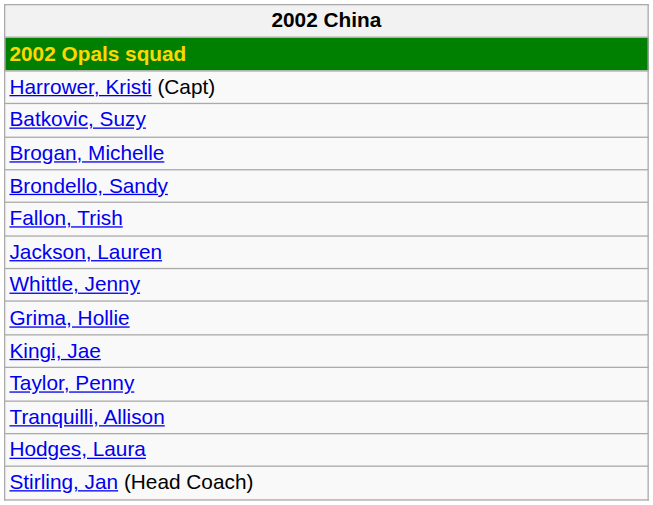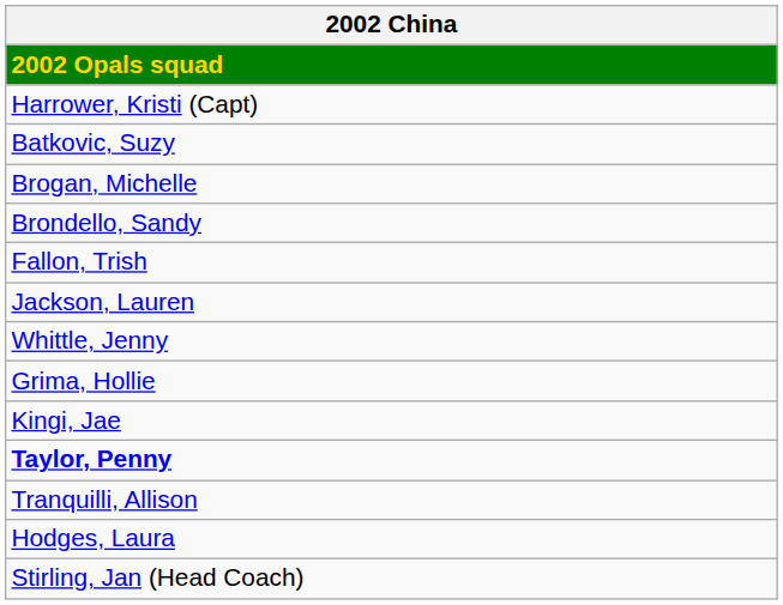 <table class="wikitable collapsible autocollapse" width=25%>
 <tr>
 <th>2002 China</th>
 </tr>
 <tr>
 <td bgcolor=green style="color:gold; width:200px"><strong>2002 Opals squad</strong></td>
 </tr>
 <tr>
 <td><a href='#'>Harrower, Kristi</a> (Capt)</td>
 </tr>
 <tr>
 <td><a href='#'>Batkovic, Suzy</a></td>
 </tr>
 <tr>
 <td><a href='#'>Brogan, Michelle</a></td>
 </tr>
 <tr>
 <td><a href='#'>Brondello, Sandy</a></td>
 </tr>
 <tr>
 <td><a href='#'>Fallon, Trish</a></td>
 </tr>
 <tr>
 <td><a href='#'>Jackson, Lauren</a></td>
 </tr>
 <tr>
 <td><a href='#'>Whittle, Jenny</a></td>
 </tr>
 <tr>
 <td><a href='#'>Grima, Hollie</a></td>
 </tr>
 <tr>
 <td><a href='#'>Kingi, Jae</a></td>
 </tr>
 <tr>
-<td><a href='#'>Taylor, Penny</a></td>
+<td><strong><a href='#'>Taylor, Penny</a></strong></td>
 </tr>
 <tr>
 <td><a href='#'>Tranquilli, Allison</a></td>
 </tr>
 <tr>
 <td><a href='#'>Hodges, Laura</a></td>
 </tr>
 <tr>
 <td><a href='#'>Stirling, Jan</a> (Head Coach)</td>
 </tr>
 </table>
